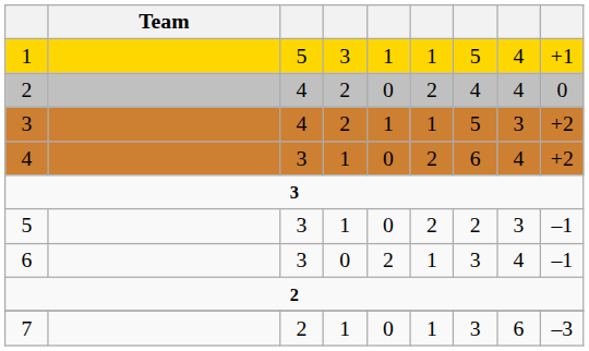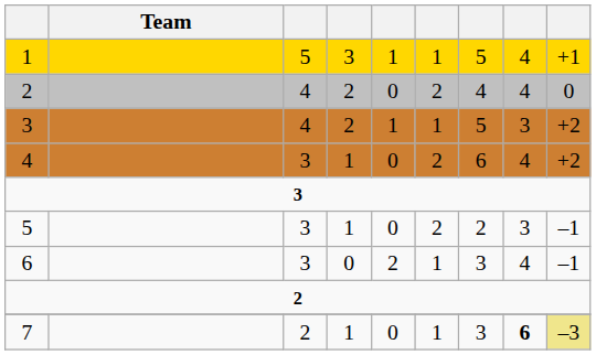 <table class="wikitable" style="text-align:center">
 <tr>
 <th width="25"></th>
 <th width="165">Team</th>
 <th width="25"></th>
 <th width="25"></th>
 <th width="25"></th>
 <th width="25"></th>
 <th width="25"></th>
 <th width="25"></th>
 <th width="25"></th>
 </tr>
 <tr style="background:#FFD700;">
 <td>1</td>
 <td align=left></td>
 <td>5</td>
 <td>3</td>
 <td>1</td>
 <td>1</td>
 <td>5</td>
 <td>4</td>
 <td>+1</td>
 </tr>
 <tr style="background:#C0C0C0;">
 <td>2</td>
 <td align=left></td>
 <td>4</td>
 <td>2</td>
 <td>0</td>
 <td>2</td>
 <td>4</td>
 <td>4</td>
 <td>0</td>
 </tr>
 <tr style="background:#CD7F32;">
 <td>3</td>
 <td align=left></td>
 <td>4</td>
 <td>2</td>
 <td>1</td>
 <td>1</td>
 <td>5</td>
 <td>3</td>
 <td>+2</td>
 </tr>
 <tr style="background:#CD7F32;">
 <td>4</td>
 <td align=left></td>
 <td>3</td>
 <td>1</td>
 <td>0</td>
 <td>2</td>
 <td>6</td>
 <td>4</td>
 <td>+2</td>
 </tr>
 <tr>
 <td colspan=10><small><strong>3 </strong></small></td>
 </tr>
 <tr>
 <td>5</td>
 <td align=left></td>
 <td>3</td>
 <td>1</td>
 <td>0</td>
 <td>2</td>
 <td>2</td>
 <td>3</td>
 <td>–1</td>
 </tr>
 <tr>
 <td>6</td>
 <td align=left></td>
 <td>3</td>
 <td>0</td>
 <td>2</td>
 <td>1</td>
 <td>3</td>
 <td>4</td>
 <td>–1</td>
 </tr>
 <tr>
 <td colspan=10><small><strong>2 </strong></small></td>
 </tr>
 <tr>
 </tr>
 <tr>
 <td>7</td>
 <td align=left></td>
 <td>2</td>
 <td>1</td>
 <td>0</td>
 <td>1</td>
 <td>3</td>
-<td>6</td>
-<td>–3</td>
+<td><strong>6</strong></td>
+<td style="background: khaki;">–3</td>
 </tr>
 </table>
